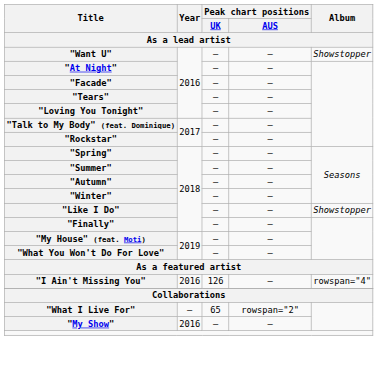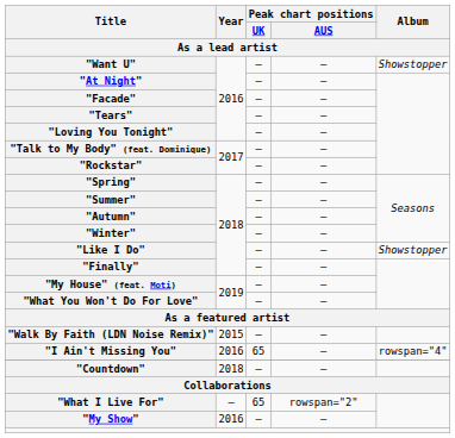 <table class="wikitable plainrowheaders" style="text-align:center;">
 <tr>
 <th rowspan="2">Title</th>
 <th rowspan="2">Year</th>
 <th colspan="2">Peak chart positions</th>
 <th rowspan="2">Album</th>
 </tr>
 <tr>
 <th><a href='#'>UK</a></th>
 <th><a href='#'>AUS</a></th>
 </tr>
 <tr>
 <th colspan="5">As a lead artist</th>
 </tr>
 <tr>
 <th scope="row">"Want U"</th>
 <td rowspan="5">2016</td>
 <td>—</td>
 <td>—</td>
 <td><em>Showstopper</em></td>
 </tr>
 <tr>
 <th scope="row">"<a href='#'>At Night</a>"</th>
 <td>—</td>
 <td>—</td>
 </tr>
 <tr>
 <th scope="row">"Facade" </th>
 <td>—</td>
 <td>—</td>
 </tr>
 <tr>
 <th scope="row">"Tears" </th>
 <td>—</td>
 <td>—</td>
 </tr>
 <tr>
 <th scope="row">"Loving You Tonight"</th>
 <td>—</td>
 <td>—</td>
 </tr>
 <tr>
 <th scope="row">"Talk to My Body" <small>(feat. Dominique)</small></th>
 <td rowspan="2">2017</td>
 <td>—</td>
 <td>—</td>
 </tr>
 <tr>
 <th scope="row">"Rockstar"</th>
 <td>—</td>
 <td>—</td>
 </tr>
 <tr>
 <th scope="row">"Spring"</th>
 <td rowspan="6">2018</td>
 <td>—</td>
 <td>—</td>
 <td rowspan="4"><em>Seasons</em></td>
 </tr>
 <tr>
 <th scope="row">"Summer"</th>
 <td>—</td>
 <td>—</td>
 </tr>
 <tr>
 <th scope="row">"Autumn"</th>
 <td>—</td>
 <td>—</td>
 </tr>
 <tr>
 <th scope="row">"Winter"</th>
 <td>—</td>
 <td>—</td>
 </tr>
 <tr>
 <th scope="row">"Like I Do"</th>
 <td>—</td>
 <td>—</td>
 <td><em>Showstopper</em></td>
 </tr>
 <tr>
 <th scope="row">"Finally"</th>
 <td>—</td>
 <td>—</td>
 </tr>
 <tr>
 <th scope="row">"My House" <small>(feat. <a href='#'>Moti</a>)</small></th>
 <td rowspan="2">2019</td>
 <td>—</td>
 <td>—</td>
 </tr>
 <tr>
 <th scope="row">"What You Won't Do For Love"</th>
 <td>—</td>
 <td>—</td>
 </tr>
 <tr>
 <th colspan="5">As a featured artist</th>
 </tr>
 <tr>
+<th scope="row">"Walk By Faith (LDN Noise Remix)"<br></th>
+<td>2015</td>
+<td>—</td>
+<td>—</td>
+<td></td>
+</tr>
+<tr>
 <th scope="row">"I Ain't Missing You"<br></th>
 <td>2016</td>
-<td>126</td>
+<td>65</td>
 <td>—</td>
 <td>rowspan="4" </td>
 </tr>
 <tr>
+</tr>
+<tr>
+<th scope="row">"Countdown"<br></th>
+<td>2018</td>
+<td>—</td>
+<td>—</td>
+<td></td>
 </tr>
 <tr>
 <th colspan="5">Collaborations</th>
 </tr>
 <tr>
 <th scope="row">"What I Live For"<br></th>
 <td>—</td>
 <td>65</td>
 <td>rowspan="2" </td>
 </tr>
 <tr>
 <th scope="row">"<a href='#'>My Show</a>"<br></th>
 <td>2016</td>
 <td>—</td>
 <td>—</td>
 </tr>
 <tr>
 <td colspan="5"></td>
 </tr>
 </table>
